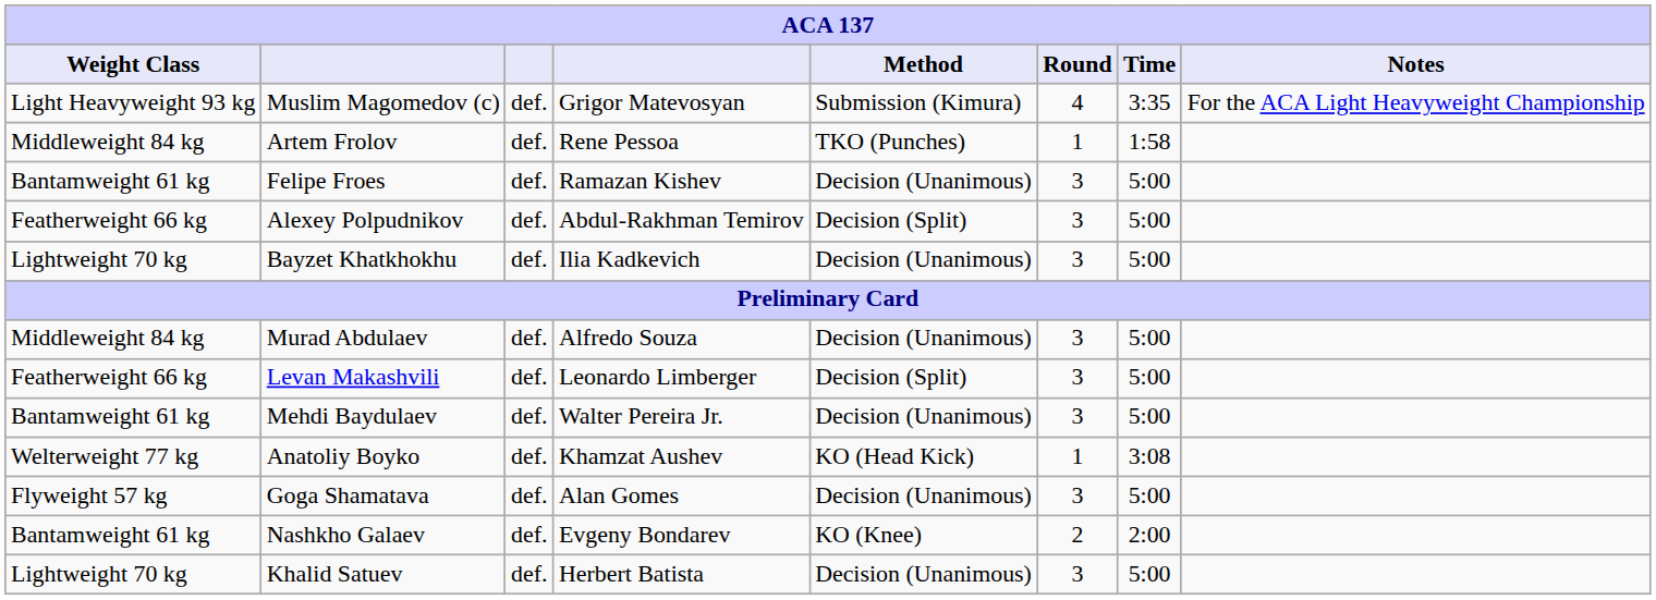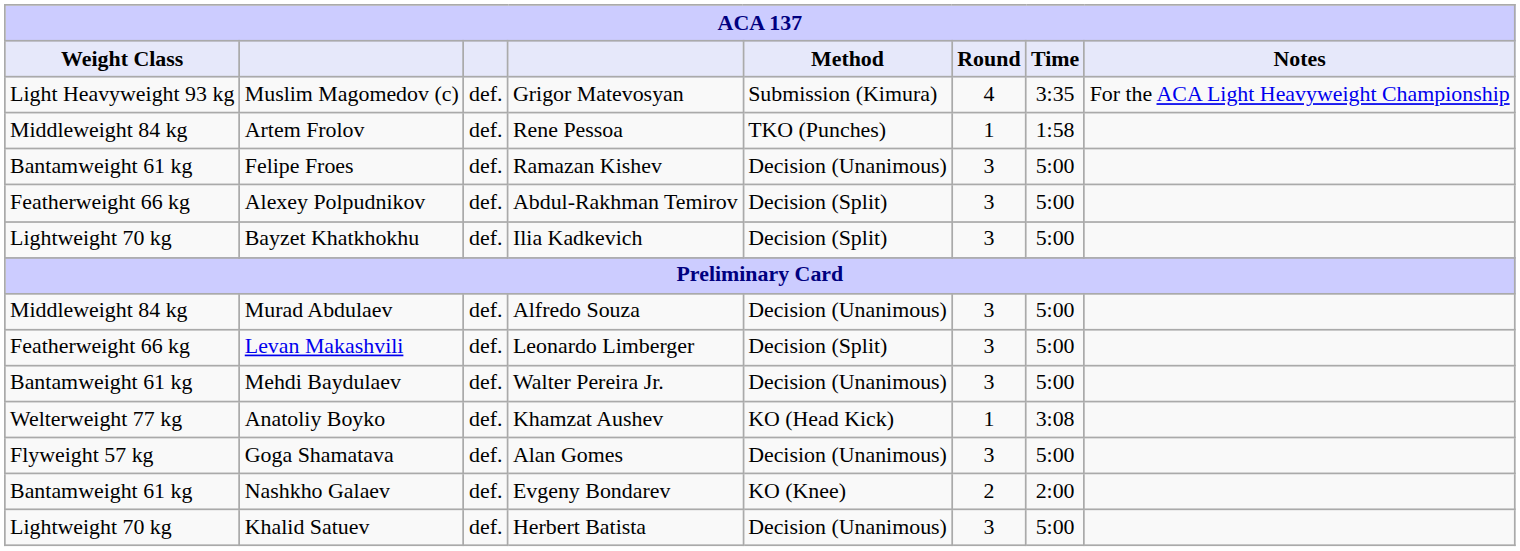 <table class="wikitable" style="font-size: 80%;">
 <tr>
 <th colspan="8" style="background-color: #ccf; color: #000080; text-align: center;"><strong>ACA 137</strong></th>
 </tr>
 <tr>
 <th colspan="1" style="background-color: #E6E8FA; color: #000000; text-align: center;">Weight Class</th>
 <th colspan="1" style="background-color: #E6E8FA; color: #000000; text-align: center;"></th>
 <th colspan="1" style="background-color: #E6E8FA; color: #000000; text-align: center;"></th>
 <th colspan="1" style="background-color: #E6E8FA; color: #000000; text-align: center;"></th>
 <th colspan="1" style="background-color: #E6E8FA; color: #000000; text-align: center;">Method</th>
 <th colspan="1" style="background-color: #E6E8FA; color: #000000; text-align: center;">Round</th>
 <th colspan="1" style="background-color: #E6E8FA; color: #000000; text-align: center;">Time</th>
 <th colspan="1" style="background-color: #E6E8FA; color: #000000; text-align: center;">Notes</th>
 </tr>
 <tr>
 <td>Light Heavyweight 93 kg</td>
 <td> Muslim Magomedov (c)</td>
 <td>def.</td>
 <td> Grigor Matevosyan</td>
 <td>Submission (Kimura)</td>
 <td align=center>4</td>
 <td align=center>3:35</td>
 <td>For the <a href='#'>ACA Light Heavyweight Championship</a></td>
 </tr>
 <tr>
 <td>Middleweight 84 kg</td>
 <td> Artem Frolov</td>
 <td>def.</td>
 <td> Rene Pessoa</td>
 <td>TKO (Punches)</td>
 <td align=center>1</td>
 <td align=center>1:58</td>
 <td></td>
 </tr>
 <tr>
 <td>Bantamweight 61 kg</td>
 <td> Felipe Froes</td>
 <td>def.</td>
 <td> Ramazan Kishev</td>
 <td>Decision (Unanimous)</td>
 <td align=center>3</td>
 <td align=center>5:00</td>
 <td></td>
 </tr>
 <tr>
 <td>Featherweight 66 kg</td>
 <td> Alexey Polpudnikov</td>
 <td>def.</td>
 <td> Abdul-Rakhman Temirov</td>
 <td>Decision (Split)</td>
 <td align=center>3</td>
 <td align=center>5:00</td>
 <td></td>
 </tr>
 <tr>
 <td>Lightweight 70 kg</td>
 <td> Bayzet Khatkhokhu</td>
 <td>def.</td>
 <td> Ilia Kadkevich</td>
-<td>Decision (Unanimous)</td>
+<td>Decision (Split)</td>
 <td align=center>3</td>
 <td align=center>5:00</td>
 <td></td>
 </tr>
 <tr>
 <th colspan="8" style="background-color: #ccf; color: #000080; text-align: center;"><strong>Preliminary Card</strong></th>
 </tr>
 <tr>
 <td>Middleweight 84 kg</td>
 <td> Murad Abdulaev</td>
 <td>def.</td>
 <td> Alfredo Souza</td>
 <td>Decision (Unanimous)</td>
 <td align=center>3</td>
 <td align=center>5:00</td>
 <td></td>
 </tr>
 <tr>
 <td>Featherweight 66 kg</td>
 <td> <a href='#'>Levan Makashvili</a></td>
 <td>def.</td>
 <td> Leonardo Limberger</td>
 <td>Decision (Split)</td>
 <td align=center>3</td>
 <td align=center>5:00</td>
 <td></td>
 </tr>
 <tr>
 <td>Bantamweight 61 kg</td>
 <td> Mehdi Baydulaev</td>
 <td>def.</td>
 <td> Walter Pereira Jr.</td>
 <td>Decision (Unanimous)</td>
 <td align=center>3</td>
 <td align=center>5:00</td>
 <td></td>
 </tr>
 <tr>
 <td>Welterweight 77 kg</td>
 <td> Anatoliy Boyko</td>
 <td>def.</td>
 <td> Khamzat Aushev</td>
 <td>KO (Head Kick)</td>
 <td align=center>1</td>
 <td align=center>3:08</td>
 <td></td>
 </tr>
 <tr>
 <td>Flyweight 57 kg</td>
 <td> Goga Shamatava</td>
 <td>def.</td>
 <td> Alan Gomes</td>
 <td>Decision (Unanimous)</td>
 <td align=center>3</td>
 <td align=center>5:00</td>
 <td></td>
 </tr>
 <tr>
 <td>Bantamweight 61 kg</td>
 <td> Nashkho Galaev</td>
 <td>def.</td>
 <td> Evgeny Bondarev</td>
 <td>KO (Knee)</td>
 <td align=center>2</td>
 <td align="center">2:00</td>
 <td></td>
 </tr>
 <tr>
 <td>Lightweight 70 kg</td>
 <td> Khalid Satuev</td>
 <td>def.</td>
 <td> Herbert Batista</td>
 <td>Decision (Unanimous)</td>
 <td align=center>3</td>
 <td align=center>5:00</td>
 <td></td>
 </tr>
 </table>
